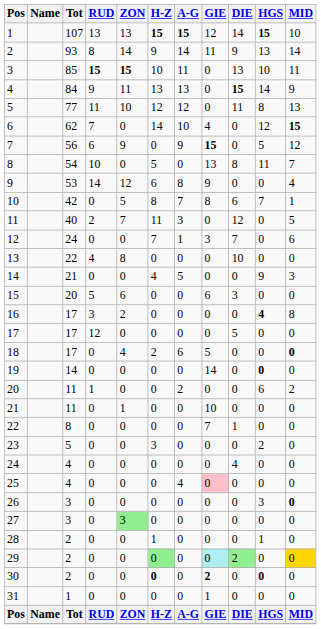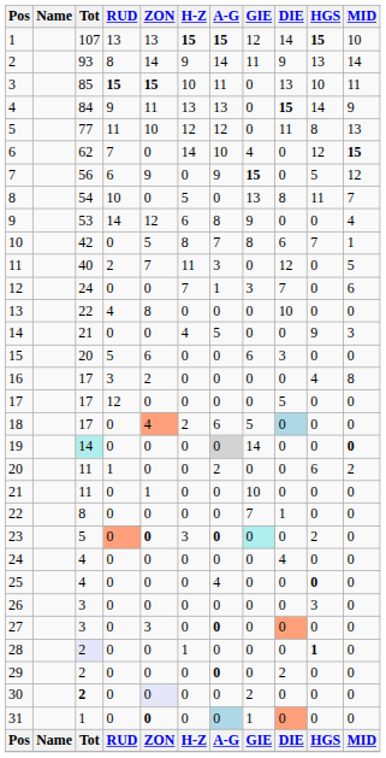 <table class="wikitable sortable">
 <tr>
 <th>Pos</th>
 <th>Name</th>
 <th>Tot</th>
 <th><a href='#'>RUD</a></th>
 <th><a href='#'>ZON</a></th>
 <th><a href='#'>H-Z</a></th>
 <th><a href='#'>A-G</a></th>
 <th><a href='#'>GIE</a></th>
 <th><a href='#'>DIE</a></th>
 <th><a href='#'>HGS</a></th>
 <th><a href='#'>MID</a></th>
 </tr>
 <tr>
 <td>1</td>
 <td></td>
 <td>107</td>
 <td>13</td>
 <td>13</td>
 <td><strong>15</strong></td>
 <td><strong>15</strong></td>
 <td>12</td>
 <td>14</td>
 <td><strong>15</strong></td>
 <td>10</td>
 </tr>
 <tr>
 <td>2</td>
 <td></td>
 <td>93</td>
 <td>8</td>
 <td>14</td>
 <td>9</td>
 <td>14</td>
 <td>11</td>
 <td>9</td>
 <td>13</td>
 <td>14</td>
 </tr>
 <tr>
 <td>3</td>
 <td></td>
 <td>85</td>
 <td><strong>15</strong></td>
 <td><strong>15</strong></td>
 <td>10</td>
 <td>11</td>
 <td>0</td>
 <td>13</td>
 <td>10</td>
 <td>11</td>
 </tr>
 <tr>
 <td>4</td>
 <td></td>
 <td>84</td>
 <td>9</td>
 <td>11</td>
 <td>13</td>
 <td>13</td>
 <td>0</td>
 <td><strong>15</strong></td>
 <td>14</td>
 <td>9</td>
 </tr>
 <tr>
 <td>5</td>
 <td></td>
 <td>77</td>
 <td>11</td>
 <td>10</td>
 <td>12</td>
 <td>12</td>
 <td>0</td>
 <td>11</td>
 <td>8</td>
 <td>13</td>
 </tr>
 <tr>
 <td>6</td>
 <td></td>
 <td>62</td>
 <td>7</td>
 <td>0</td>
 <td>14</td>
 <td>10</td>
 <td>4</td>
 <td>0</td>
 <td>12</td>
 <td><strong>15</strong></td>
 </tr>
 <tr>
 <td>7</td>
 <td></td>
 <td>56</td>
 <td>6</td>
 <td>9</td>
 <td>0</td>
 <td>9</td>
 <td><strong>15</strong></td>
 <td>0</td>
 <td>5</td>
 <td>12</td>
 </tr>
 <tr>
 <td>8</td>
 <td></td>
 <td>54</td>
 <td>10</td>
 <td>0</td>
 <td>5</td>
 <td>0</td>
 <td>13</td>
 <td>8</td>
 <td>11</td>
 <td>7</td>
 </tr>
 <tr>
 <td>9</td>
 <td></td>
 <td>53</td>
 <td>14</td>
 <td>12</td>
 <td>6</td>
 <td>8</td>
 <td>9</td>
 <td>0</td>
 <td>0</td>
 <td>4</td>
 </tr>
 <tr>
 <td>10</td>
 <td></td>
 <td>42</td>
 <td>0</td>
 <td>5</td>
 <td>8</td>
 <td>7</td>
 <td>8</td>
 <td>6</td>
 <td>7</td>
 <td>1</td>
 </tr>
 <tr>
 <td>11</td>
 <td></td>
 <td>40</td>
 <td>2</td>
 <td>7</td>
 <td>11</td>
 <td>3</td>
 <td>0</td>
 <td>12</td>
 <td>0</td>
 <td>5</td>
 </tr>
 <tr>
 <td>12</td>
 <td></td>
 <td>24</td>
 <td>0</td>
 <td>0</td>
 <td>7</td>
 <td>1</td>
 <td>3</td>
 <td>7</td>
 <td>0</td>
 <td>6</td>
 </tr>
 <tr>
 <td>13</td>
 <td></td>
 <td>22</td>
 <td>4</td>
 <td>8</td>
 <td>0</td>
 <td>0</td>
 <td>0</td>
 <td>10</td>
 <td>0</td>
 <td>0</td>
 </tr>
 <tr>
 <td>14</td>
 <td></td>
 <td>21</td>
 <td>0</td>
 <td>0</td>
 <td>4</td>
 <td>5</td>
 <td>0</td>
 <td>0</td>
 <td>9</td>
 <td>3</td>
 </tr>
 <tr>
 <td>15</td>
 <td></td>
 <td>20</td>
 <td>5</td>
 <td>6</td>
 <td>0</td>
 <td>0</td>
 <td>6</td>
 <td>3</td>
 <td>0</td>
 <td>0</td>
 </tr>
 <tr>
 <td>16</td>
 <td></td>
 <td>17</td>
 <td>3</td>
 <td>2</td>
 <td>0</td>
 <td>0</td>
 <td>0</td>
 <td>0</td>
-<td><strong>4</strong></td>
+<td>4</td>
 <td>8</td>
 </tr>
 <tr>
 <td>17</td>
 <td></td>
 <td>17</td>
 <td>12</td>
 <td>0</td>
 <td>0</td>
 <td>0</td>
 <td>0</td>
 <td>5</td>
 <td>0</td>
 <td>0</td>
 </tr>
 <tr>
 <td>18</td>
 <td></td>
 <td>17</td>
 <td>0</td>
-<td>4</td>
+<td style="background: lightsalmon;">4</td>
 <td>2</td>
 <td>6</td>
 <td>5</td>
+<td style="background: lightblue;">0</td>
 <td>0</td>
 <td>0</td>
-<td><strong>0</strong></td>
 </tr>
 <tr>
 <td>19</td>
 <td></td>
+<td style="background: paleturquoise;">14</td>
+<td>0</td>
+<td>0</td>
+<td>0</td>
+<td style="background: lightgrey;">0</td>
 <td>14</td>
 <td>0</td>
 <td>0</td>
-<td>0</td>
-<td>0</td>
-<td>14</td>
-<td>0</td>
 <td><strong>0</strong></td>
-<td>0</td>
 </tr>
 <tr>
 <td>20</td>
 <td></td>
 <td>11</td>
 <td>1</td>
 <td>0</td>
 <td>0</td>
 <td>2</td>
 <td>0</td>
 <td>0</td>
 <td>6</td>
 <td>2</td>
 </tr>
 <tr>
 <td>21</td>
 <td></td>
 <td>11</td>
 <td>0</td>
 <td>1</td>
 <td>0</td>
 <td>0</td>
 <td>10</td>
 <td>0</td>
 <td>0</td>
 <td>0</td>
 </tr>
 <tr>
 <td>22</td>
 <td></td>
 <td>8</td>
 <td>0</td>
 <td>0</td>
 <td>0</td>
 <td>0</td>
 <td>7</td>
 <td>1</td>
 <td>0</td>
 <td>0</td>
 </tr>
 <tr>
 <td>23</td>
 <td></td>
 <td>5</td>
-<td>0</td>
-<td>0</td>
+<td style="background: lightsalmon;">0</td>
+<td><strong>0</strong></td>
 <td>3</td>
-<td>0</td>
-<td>0</td>
+<td><strong>0</strong></td>
+<td style="background: paleturquoise;">0</td>
 <td>0</td>
 <td>2</td>
 <td>0</td>
 </tr>
 <tr>
 <td>24</td>
 <td></td>
 <td>4</td>
 <td>0</td>
 <td>0</td>
 <td>0</td>
 <td>0</td>
 <td>0</td>
 <td>4</td>
 <td>0</td>
 <td>0</td>
 </tr>
 <tr>
 <td>25</td>
 <td></td>
 <td>4</td>
 <td>0</td>
 <td>0</td>
 <td>0</td>
 <td>4</td>
-<td style="background: pink;">0</td>
 <td>0</td>
 <td>0</td>
+<td><strong>0</strong></td>
 <td>0</td>
 </tr>
 <tr>
 <td>26</td>
 <td></td>
 <td>3</td>
 <td>0</td>
 <td>0</td>
 <td>0</td>
 <td>0</td>
 <td>0</td>
 <td>0</td>
 <td>3</td>
-<td><strong>0</strong></td>
+<td>0</td>
 </tr>
 <tr>
 <td>27</td>
 <td></td>
 <td>3</td>
 <td>0</td>
-<td style="background: lightgreen;">3</td>
+<td>3</td>
 <td>0</td>
+<td><strong>0</strong></td>
 <td>0</td>
-<td>0</td>
-<td>0</td>
+<td style="background: lightsalmon;">0</td>
 <td>0</td>
 <td>0</td>
 </tr>
 <tr>
 <td>28</td>
 <td></td>
-<td>2</td>
+<td style="background: lavender;">2</td>
 <td>0</td>
 <td>0</td>
 <td>1</td>
 <td>0</td>
 <td>0</td>
 <td>0</td>
-<td>1</td>
+<td><strong>1</strong></td>
 <td>0</td>
 </tr>
 <tr>
 <td>29</td>
 <td></td>
 <td>2</td>
 <td>0</td>
 <td>0</td>
-<td style="background: lightgreen;">0</td>
 <td>0</td>
-<td style="background: paleturquoise;">0</td>
-<td style="background: lightgreen;">2</td>
+<td><strong>0</strong></td>
 <td>0</td>
-<td style="background: gold;">0</td>
+<td>2</td>
+<td>0</td>
+<td>0</td>
 </tr>
 <tr>
 <td>30</td>
 <td></td>
+<td><strong>2</strong></td>
+<td>0</td>
+<td style="background: lavender;">0</td>
+<td>0</td>
+<td>0</td>
 <td>2</td>
 <td>0</td>
 <td>0</td>
-<td><strong>0</strong></td>
-<td>0</td>
-<td><strong>2</strong></td>
-<td>0</td>
-<td><strong>0</strong></td>
 <td>0</td>
 </tr>
 <tr>
 <td>31</td>
 <td></td>
 <td>1</td>
 <td>0</td>
+<td><strong>0</strong></td>
 <td>0</td>
-<td>0</td>
-<td>0</td>
+<td style="background: lightblue;">0</td>
 <td>1</td>
-<td>0</td>
+<td style="background: lightsalmon;">0</td>
 <td>0</td>
 <td>0</td>
 </tr>
 <tr class="sortbottom">
 <th>Pos</th>
 <th>Name</th>
 <th>Tot</th>
 <th><a href='#'>RUD</a></th>
 <th><a href='#'>ZON</a></th>
 <th><a href='#'>H-Z</a></th>
 <th><a href='#'>A-G</a></th>
 <th><a href='#'>GIE</a></th>
 <th><a href='#'>DIE</a></th>
 <th><a href='#'>HGS</a></th>
 <th><a href='#'>MID</a></th>
 </tr>
 <tr>
 </tr>
 </table>
